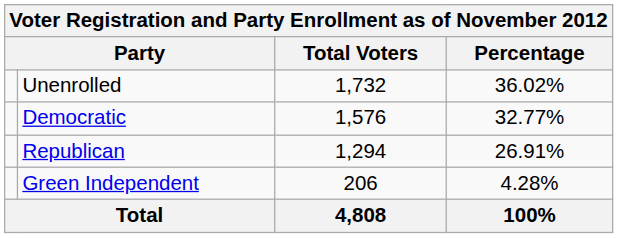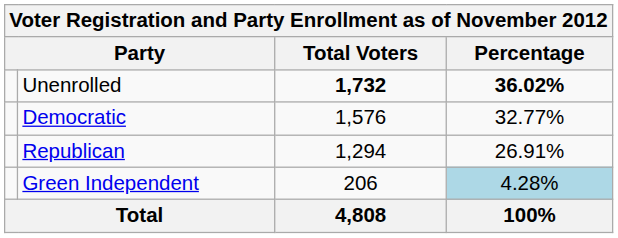 <table class=wikitable>
 <tr>
 <th colspan = 6>Voter Registration and Party Enrollment as of November 2012</th>
 </tr>
 <tr>
 <th colspan = 2>Party</th>
 <th>Total Voters</th>
 <th>Percentage</th>
 </tr>
 <tr>
 <td></td>
 <td>Unenrolled</td>
-<td align = center>1,732</td>
-<td align = center>36.02%</td>
+<td align = center><strong>1,732</strong></td>
+<td align = center><strong>36.02%</strong></td>
 </tr>
 <tr>
 <td></td>
 <td><a href='#'>Democratic</a></td>
 <td align = center>1,576</td>
 <td align = center>32.77%</td>
 </tr>
 <tr>
 <td></td>
 <td><a href='#'>Republican</a></td>
 <td align = center>1,294</td>
 <td align = center>26.91%</td>
 </tr>
 <tr>
 <td></td>
 <td><a href='#'>Green Independent</a></td>
 <td align = center>206</td>
-<td align = center>4.28%</td>
+<td align = center style="background: lightblue;">4.28%</td>
 </tr>
 <tr>
 <th colspan = 2>Total</th>
 <th align = center>4,808</th>
 <th align = center>100%</th>
 </tr>
 </table>
